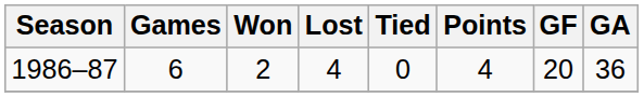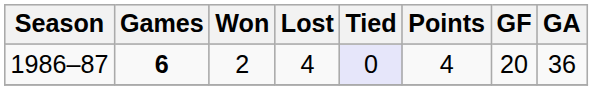 <table class="wikitable" style="text-align:center">
 <tr>
 <th>Season</th>
 <th>Games</th>
 <th>Won</th>
 <th>Lost</th>
 <th>Tied</th>
 <th>Points</th>
 <th>GF</th>
 <th>GA</th>
 </tr>
 <tr>
 <td>1986–87</td>
-<td>6</td>
+<td><strong>6</strong></td>
 <td>2</td>
 <td>4</td>
-<td>0</td>
+<td style="background: lavender;">0</td>
 <td>4</td>
 <td>20</td>
 <td>36</td>
 </tr>
 <tr>
 </tr>
 </table>
